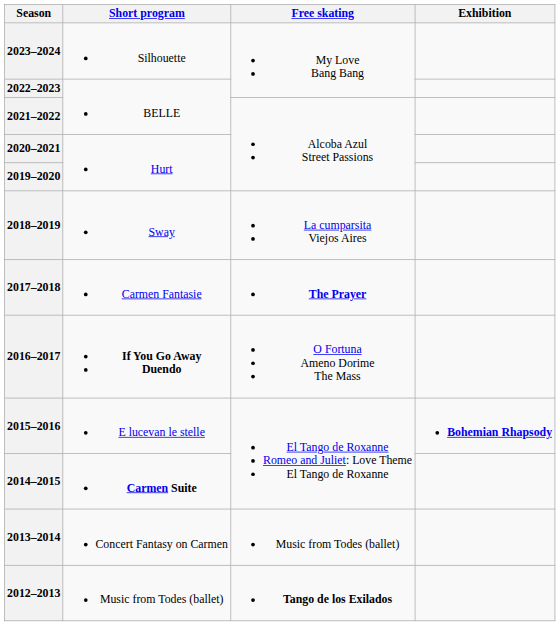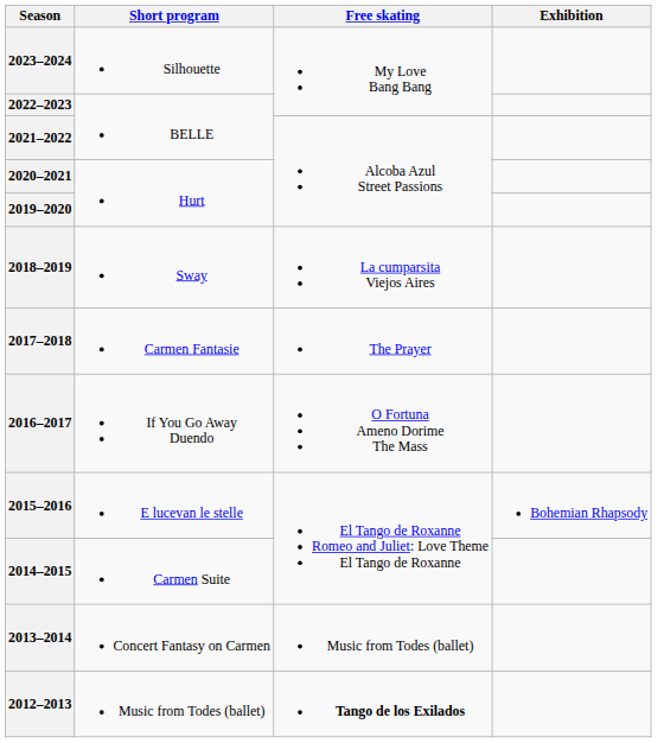 <table class=wikitable style=text-align:center>
 <tr>
 <th>Season</th>
 <th><a href='#'>Short program</a></th>
 <th><a href='#'>Free skating</a></th>
 <th>Exhibition</th>
 </tr>
 <tr>
 <th>2023–2024 <br> </th>
 <td><br><ul><li>Silhouette <br></li></ul></td>
 <td rowspan=2><br><ul><li>My Love</li><li>Bang Bang <br> </li></ul></td>
 <td></td>
 </tr>
 <tr>
 <th>2022–2023 <br> </th>
 <td rowspan=2><br><ul><li>BELLE <br></li></ul></td>
 <td></td>
 </tr>
 <tr>
 <th>2021–2022 <br> </th>
 <td rowspan=3><br><ul><li>Alcoba Azul <br> </li><li>Street Passions <br> </li></ul></td>
 <td></td>
 </tr>
 <tr>
 <th>2020–2021 <br> </th>
 <td rowspan=2><br><ul><li><a href='#'>Hurt</a> <br></li></ul></td>
 <td></td>
 </tr>
 <tr>
 <th>2019–2020 <br></th>
 <td></td>
 </tr>
 <tr>
 <th>2018–2019 <br> </th>
 <td><br><ul><li><a href='#'>Sway</a> <br></li></ul></td>
 <td><br><ul><li><a href='#'>La cumparsita</a> <br></li><li>Viejos Aires <br></li></ul></td>
 <td></td>
 </tr>
 <tr>
 <th>2017–2018 <br></th>
 <td><br><ul><li><a href='#'>Carmen Fantasie</a> <br></li></ul></td>
-<td><strong><br><ul><li><a href='#'>The Prayer</a> <br></li></ul></strong></td>
+<td><br><ul><li><a href='#'>The Prayer</a> <br></li></ul></td>
 <td></td>
 </tr>
 <tr>
 <th>2016–2017 <br></th>
-<td><strong><br><ul><li>If You Go Away <br></li><li>Duendo <br></li></ul></strong></td>
+<td><br><ul><li>If You Go Away <br></li><li>Duendo <br></li></ul></td>
 <td><br><ul><li><a href='#'>O Fortuna</a> <br></li><li>Ameno Dorime <br></li><li>The Mass <br></li></ul></td>
 <td></td>
 </tr>
 <tr>
 <th>2015–2016 <br></th>
 <td><br><ul><li><a href='#'>E lucevan le stelle</a> <br></li></ul></td>
 <td rowspan=2><br><ul><li><a href='#'>El Tango de Roxanne</a> <br></li><li><a href='#'>Romeo and Juliet</a>: Love Theme <br></li><li>El Tango de Roxanne <br></li></ul></td>
-<td><strong><br><ul><li><a href='#'>Bohemian Rhapsody</a> <br></li></ul></strong></td>
+<td><br><ul><li><a href='#'>Bohemian Rhapsody</a> <br></li></ul></td>
 </tr>
 <tr>
 <th>2014–2015 <br></th>
-<td><strong><br><ul><li><a href='#'>Carmen</a> Suite <br></li></ul></strong></td>
+<td><br><ul><li><a href='#'>Carmen</a> Suite <br></li></ul></td>
 <td></td>
 </tr>
 <tr>
 <th>2013–2014 <br></th>
 <td><br><ul><li>Concert Fantasy on Carmen <br></li></ul></td>
 <td><br><ul><li>Music from Todes (ballet) <br> </li></ul></td>
 <td></td>
 </tr>
 <tr>
 <th>2012–2013 <br></th>
 <td><br><ul><li>Music from Todes (ballet) <br></li></ul></td>
 <td><strong><br><ul><li>Tango de los Exilados <br></li></ul></strong></td>
 <td></td>
 </tr>
 </table>
